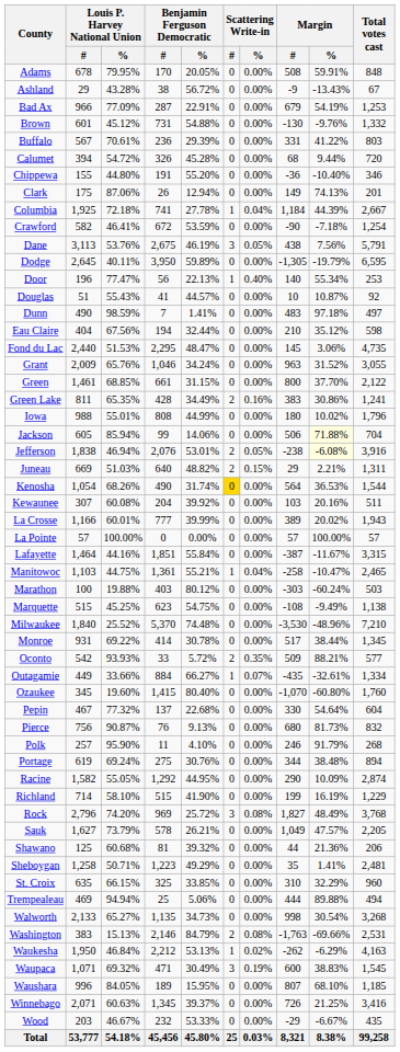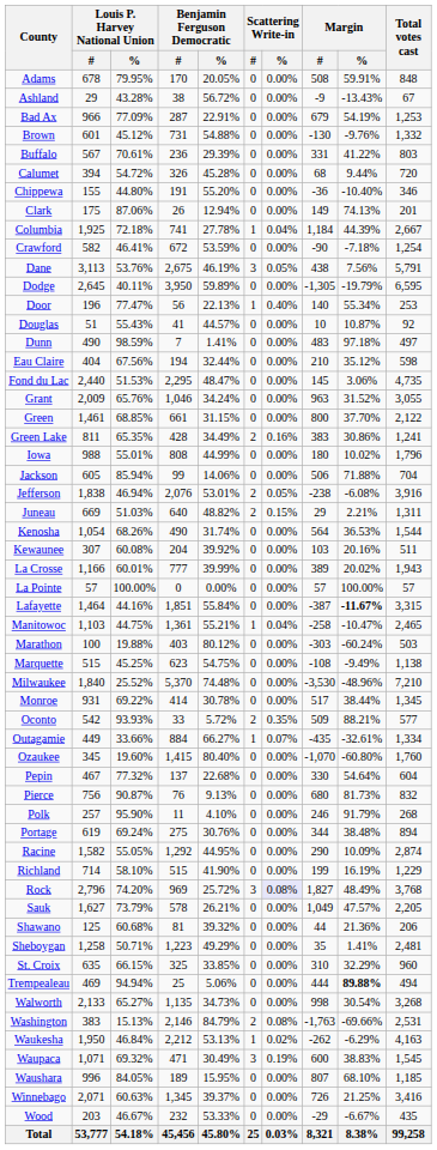 <table width="65%" class="wikitable sortable" style="text-align:center">
 <tr>
 <th rowspan="2" style="text-align:center;">County</th>
 <th colspan="2" style="text-align:center;">Louis P. Harvey<br>National Union</th>
 <th colspan="2" style="text-align:center;">Benjamin Ferguson<br>Democratic</th>
 <th colspan="2" style="text-align:center;">Scattering<br>Write-in</th>
 <th colspan="2" style="text-align:center;">Margin</th>
 <th rowspan="2" style="text-align:center;">Total votes cast</th>
 </tr>
 <tr>
 <th style="text-align:center;" data-sort-type="number">#</th>
 <th style="text-align:center;" data-sort-type="number">%</th>
 <th style="text-align:center;" data-sort-type="number">#</th>
 <th style="text-align:center;" data-sort-type="number">%</th>
 <th style="text-align:center;" data-sort-type="number">#</th>
 <th style="text-align:center;" data-sort-type="number">%</th>
 <th style="text-align:center;" data-sort-type="number">#</th>
 <th style="text-align:center;" data-sort-type="number">%</th>
 </tr>
 <tr style="text-align:center;">
 <td><a href='#'>Adams</a></td>
 <td>678</td>
 <td>79.95%</td>
 <td>170</td>
 <td>20.05%</td>
 <td>0</td>
 <td>0.00%</td>
 <td>508</td>
 <td>59.91%</td>
 <td>848</td>
 </tr>
 <tr style="text-align:center;">
 <td><a href='#'>Ashland</a></td>
 <td>29</td>
 <td>43.28%</td>
 <td>38</td>
 <td>56.72%</td>
 <td>0</td>
 <td>0.00%</td>
 <td>-9</td>
 <td>-13.43%</td>
 <td>67</td>
 </tr>
 <tr style="text-align:center;">
 <td><a href='#'>Bad Ax</a></td>
 <td>966</td>
 <td>77.09%</td>
 <td>287</td>
 <td>22.91%</td>
 <td>0</td>
 <td>0.00%</td>
 <td>679</td>
 <td>54.19%</td>
 <td>1,253</td>
 </tr>
 <tr style="text-align:center;">
 <td><a href='#'>Brown</a></td>
 <td>601</td>
 <td>45.12%</td>
 <td>731</td>
 <td>54.88%</td>
 <td>0</td>
 <td>0.00%</td>
 <td>-130</td>
 <td>-9.76%</td>
 <td>1,332</td>
 </tr>
 <tr style="text-align:center;">
 <td><a href='#'>Buffalo</a></td>
 <td>567</td>
 <td>70.61%</td>
 <td>236</td>
 <td>29.39%</td>
 <td>0</td>
 <td>0.00%</td>
 <td>331</td>
 <td>41.22%</td>
 <td>803</td>
 </tr>
 <tr style="text-align:center;">
 <td><a href='#'>Calumet</a></td>
 <td>394</td>
 <td>54.72%</td>
 <td>326</td>
 <td>45.28%</td>
 <td>0</td>
 <td>0.00%</td>
 <td>68</td>
 <td>9.44%</td>
 <td>720</td>
 </tr>
 <tr style="text-align:center;">
 <td><a href='#'>Chippewa</a></td>
 <td>155</td>
 <td>44.80%</td>
 <td>191</td>
 <td>55.20%</td>
 <td>0</td>
 <td>0.00%</td>
 <td>-36</td>
 <td>-10.40%</td>
 <td>346</td>
 </tr>
 <tr style="text-align:center;">
 <td><a href='#'>Clark</a></td>
 <td>175</td>
 <td>87.06%</td>
 <td>26</td>
 <td>12.94%</td>
 <td>0</td>
 <td>0.00%</td>
 <td>149</td>
 <td>74.13%</td>
 <td>201</td>
 </tr>
 <tr style="text-align:center;">
 <td><a href='#'>Columbia</a></td>
 <td>1,925</td>
 <td>72.18%</td>
 <td>741</td>
 <td>27.78%</td>
 <td>1</td>
 <td>0.04%</td>
 <td>1,184</td>
 <td>44.39%</td>
 <td>2,667</td>
 </tr>
 <tr style="text-align:center;">
 <td><a href='#'>Crawford</a></td>
 <td>582</td>
 <td>46.41%</td>
 <td>672</td>
 <td>53.59%</td>
 <td>0</td>
 <td>0.00%</td>
 <td>-90</td>
 <td>-7.18%</td>
 <td>1,254</td>
 </tr>
 <tr style="text-align:center;">
 <td><a href='#'>Dane</a></td>
 <td>3,113</td>
 <td>53.76%</td>
 <td>2,675</td>
 <td>46.19%</td>
 <td>3</td>
 <td>0.05%</td>
 <td>438</td>
 <td>7.56%</td>
 <td>5,791</td>
 </tr>
 <tr style="text-align:center;">
 <td><a href='#'>Dodge</a></td>
 <td>2,645</td>
 <td>40.11%</td>
 <td>3,950</td>
 <td>59.89%</td>
 <td>0</td>
 <td>0.00%</td>
 <td>-1,305</td>
 <td>-19.79%</td>
 <td>6,595</td>
 </tr>
 <tr style="text-align:center;">
 <td><a href='#'>Door</a></td>
 <td>196</td>
 <td>77.47%</td>
 <td>56</td>
 <td>22.13%</td>
 <td>1</td>
 <td>0.40%</td>
 <td>140</td>
 <td>55.34%</td>
 <td>253</td>
 </tr>
 <tr style="text-align:center;">
 <td><a href='#'>Douglas</a></td>
 <td>51</td>
 <td>55.43%</td>
 <td>41</td>
 <td>44.57%</td>
 <td>0</td>
 <td>0.00%</td>
 <td>10</td>
 <td>10.87%</td>
 <td>92</td>
 </tr>
 <tr style="text-align:center;">
 <td><a href='#'>Dunn</a></td>
 <td>490</td>
 <td>98.59%</td>
 <td>7</td>
 <td>1.41%</td>
 <td>0</td>
 <td>0.00%</td>
 <td>483</td>
 <td>97.18%</td>
 <td>497</td>
 </tr>
 <tr style="text-align:center;">
 <td><a href='#'>Eau Claire</a></td>
 <td>404</td>
 <td>67.56%</td>
 <td>194</td>
 <td>32.44%</td>
 <td>0</td>
 <td>0.00%</td>
 <td>210</td>
 <td>35.12%</td>
 <td>598</td>
 </tr>
 <tr style="text-align:center;">
 <td><a href='#'>Fond du Lac</a></td>
 <td>2,440</td>
 <td>51.53%</td>
 <td>2,295</td>
 <td>48.47%</td>
 <td>0</td>
 <td>0.00%</td>
 <td>145</td>
 <td>3.06%</td>
 <td>4,735</td>
 </tr>
 <tr style="text-align:center;">
 <td><a href='#'>Grant</a></td>
 <td>2,009</td>
 <td>65.76%</td>
 <td>1,046</td>
 <td>34.24%</td>
 <td>0</td>
 <td>0.00%</td>
 <td>963</td>
 <td>31.52%</td>
 <td>3,055</td>
 </tr>
 <tr style="text-align:center;">
 <td><a href='#'>Green</a></td>
 <td>1,461</td>
 <td>68.85%</td>
 <td>661</td>
 <td>31.15%</td>
 <td>0</td>
 <td>0.00%</td>
 <td>800</td>
 <td>37.70%</td>
 <td>2,122</td>
 </tr>
 <tr style="text-align:center;">
 <td><a href='#'>Green Lake</a></td>
 <td>811</td>
 <td>65.35%</td>
 <td>428</td>
 <td>34.49%</td>
 <td>2</td>
 <td>0.16%</td>
 <td>383</td>
 <td>30.86%</td>
 <td>1,241</td>
 </tr>
 <tr style="text-align:center;">
 <td><a href='#'>Iowa</a></td>
 <td>988</td>
 <td>55.01%</td>
 <td>808</td>
 <td>44.99%</td>
 <td>0</td>
 <td>0.00%</td>
 <td>180</td>
 <td>10.02%</td>
 <td>1,796</td>
 </tr>
 <tr style="text-align:center;">
 <td><a href='#'>Jackson</a></td>
 <td>605</td>
 <td>85.94%</td>
 <td>99</td>
 <td>14.06%</td>
 <td>0</td>
 <td>0.00%</td>
 <td>506</td>
-<td style="background: lightyellow;">71.88%</td>
+<td>71.88%</td>
 <td>704</td>
 </tr>
 <tr style="text-align:center;">
 <td><a href='#'>Jefferson</a></td>
 <td>1,838</td>
 <td>46.94%</td>
 <td>2,076</td>
 <td>53.01%</td>
 <td>2</td>
 <td>0.05%</td>
 <td>-238</td>
-<td style="background: lightyellow;">-6.08%</td>
+<td>-6.08%</td>
 <td>3,916</td>
 </tr>
 <tr style="text-align:center;">
 <td><a href='#'>Juneau</a></td>
 <td>669</td>
 <td>51.03%</td>
 <td>640</td>
 <td>48.82%</td>
 <td>2</td>
 <td>0.15%</td>
 <td>29</td>
 <td>2.21%</td>
 <td>1,311</td>
 </tr>
 <tr style="text-align:center;">
 <td><a href='#'>Kenosha</a></td>
 <td>1,054</td>
 <td>68.26%</td>
 <td>490</td>
 <td>31.74%</td>
-<td style="background: gold;">0</td>
+<td>0</td>
 <td>0.00%</td>
 <td>564</td>
 <td>36.53%</td>
 <td>1,544</td>
 </tr>
 <tr style="text-align:center;">
 <td><a href='#'>Kewaunee</a></td>
 <td>307</td>
 <td>60.08%</td>
 <td>204</td>
 <td>39.92%</td>
 <td>0</td>
 <td>0.00%</td>
 <td>103</td>
 <td>20.16%</td>
 <td>511</td>
 </tr>
 <tr style="text-align:center;">
 <td><a href='#'>La Crosse</a></td>
 <td>1,166</td>
 <td>60.01%</td>
 <td>777</td>
 <td>39.99%</td>
 <td>0</td>
 <td>0.00%</td>
 <td>389</td>
 <td>20.02%</td>
 <td>1,943</td>
 </tr>
 <tr style="text-align:center;">
 <td><a href='#'>La Pointe</a></td>
 <td>57</td>
 <td>100.00%</td>
 <td>0</td>
 <td>0.00%</td>
 <td>0</td>
 <td>0.00%</td>
 <td>57</td>
 <td>100.00%</td>
 <td>57</td>
 </tr>
 <tr style="text-align:center;">
 <td><a href='#'>Lafayette</a></td>
 <td>1,464</td>
 <td>44.16%</td>
 <td>1,851</td>
 <td>55.84%</td>
 <td>0</td>
 <td>0.00%</td>
 <td>-387</td>
-<td>-11.67%</td>
+<td><strong>-11.67%</strong></td>
 <td>3,315</td>
 </tr>
 <tr style="text-align:center;">
 <td><a href='#'>Manitowoc</a></td>
 <td>1,103</td>
 <td>44.75%</td>
 <td>1,361</td>
 <td>55.21%</td>
 <td>1</td>
 <td>0.04%</td>
 <td>-258</td>
 <td>-10.47%</td>
 <td>2,465</td>
 </tr>
 <tr style="text-align:center;">
 <td><a href='#'>Marathon</a></td>
 <td>100</td>
 <td>19.88%</td>
 <td>403</td>
 <td>80.12%</td>
 <td>0</td>
 <td>0.00%</td>
 <td>-303</td>
 <td>-60.24%</td>
 <td>503</td>
 </tr>
 <tr style="text-align:center;">
 <td><a href='#'>Marquette</a></td>
 <td>515</td>
 <td>45.25%</td>
 <td>623</td>
 <td>54.75%</td>
 <td>0</td>
 <td>0.00%</td>
 <td>-108</td>
 <td>-9.49%</td>
 <td>1,138</td>
 </tr>
 <tr style="text-align:center;">
 <td><a href='#'>Milwaukee</a></td>
 <td>1,840</td>
 <td>25.52%</td>
 <td>5,370</td>
 <td>74.48%</td>
 <td>0</td>
 <td>0.00%</td>
 <td>-3,530</td>
 <td>-48.96%</td>
 <td>7,210</td>
 </tr>
 <tr style="text-align:center;">
 <td><a href='#'>Monroe</a></td>
 <td>931</td>
 <td>69.22%</td>
 <td>414</td>
 <td>30.78%</td>
 <td>0</td>
 <td>0.00%</td>
 <td>517</td>
 <td>38.44%</td>
 <td>1,345</td>
 </tr>
 <tr style="text-align:center;">
 <td><a href='#'>Oconto</a></td>
 <td>542</td>
 <td>93.93%</td>
 <td>33</td>
 <td>5.72%</td>
 <td>2</td>
 <td>0.35%</td>
 <td>509</td>
 <td>88.21%</td>
 <td>577</td>
 </tr>
 <tr style="text-align:center;">
 <td><a href='#'>Outagamie</a></td>
 <td>449</td>
 <td>33.66%</td>
 <td>884</td>
 <td>66.27%</td>
 <td>1</td>
 <td>0.07%</td>
 <td>-435</td>
 <td>-32.61%</td>
 <td>1,334</td>
 </tr>
 <tr style="text-align:center;">
 <td><a href='#'>Ozaukee</a></td>
 <td>345</td>
 <td>19.60%</td>
 <td>1,415</td>
 <td>80.40%</td>
 <td>0</td>
 <td>0.00%</td>
 <td>-1,070</td>
 <td>-60.80%</td>
 <td>1,760</td>
 </tr>
 <tr style="text-align:center;">
 <td><a href='#'>Pepin</a></td>
 <td>467</td>
 <td>77.32%</td>
 <td>137</td>
 <td>22.68%</td>
 <td>0</td>
 <td>0.00%</td>
 <td>330</td>
 <td>54.64%</td>
 <td>604</td>
 </tr>
 <tr style="text-align:center;">
 <td><a href='#'>Pierce</a></td>
 <td>756</td>
 <td>90.87%</td>
 <td>76</td>
 <td>9.13%</td>
 <td>0</td>
 <td>0.00%</td>
 <td>680</td>
 <td>81.73%</td>
 <td>832</td>
 </tr>
 <tr style="text-align:center;">
 <td><a href='#'>Polk</a></td>
 <td>257</td>
 <td>95.90%</td>
 <td>11</td>
 <td>4.10%</td>
 <td>0</td>
 <td>0.00%</td>
 <td>246</td>
 <td>91.79%</td>
 <td>268</td>
 </tr>
 <tr style="text-align:center;">
 <td><a href='#'>Portage</a></td>
 <td>619</td>
 <td>69.24%</td>
 <td>275</td>
 <td>30.76%</td>
 <td>0</td>
 <td>0.00%</td>
 <td>344</td>
 <td>38.48%</td>
 <td>894</td>
 </tr>
 <tr style="text-align:center;">
 <td><a href='#'>Racine</a></td>
 <td>1,582</td>
 <td>55.05%</td>
 <td>1,292</td>
 <td>44.95%</td>
 <td>0</td>
 <td>0.00%</td>
 <td>290</td>
 <td>10.09%</td>
 <td>2,874</td>
 </tr>
 <tr style="text-align:center;">
 <td><a href='#'>Richland</a></td>
 <td>714</td>
 <td>58.10%</td>
 <td>515</td>
 <td>41.90%</td>
 <td>0</td>
 <td>0.00%</td>
 <td>199</td>
 <td>16.19%</td>
 <td>1,229</td>
 </tr>
 <tr style="text-align:center;">
 <td><a href='#'>Rock</a></td>
 <td>2,796</td>
 <td>74.20%</td>
 <td>969</td>
 <td>25.72%</td>
 <td>3</td>
-<td>0.08%</td>
+<td style="background: lavender;">0.08%</td>
 <td>1,827</td>
 <td>48.49%</td>
 <td>3,768</td>
 </tr>
 <tr style="text-align:center;">
 <td><a href='#'>Sauk</a></td>
 <td>1,627</td>
 <td>73.79%</td>
 <td>578</td>
 <td>26.21%</td>
 <td>0</td>
 <td>0.00%</td>
 <td>1,049</td>
 <td>47.57%</td>
 <td>2,205</td>
 </tr>
 <tr style="text-align:center;">
 <td><a href='#'>Shawano</a></td>
 <td>125</td>
 <td>60.68%</td>
 <td>81</td>
 <td>39.32%</td>
 <td>0</td>
 <td>0.00%</td>
 <td>44</td>
 <td>21.36%</td>
 <td>206</td>
 </tr>
 <tr style="text-align:center;">
 <td><a href='#'>Sheboygan</a></td>
 <td>1,258</td>
 <td>50.71%</td>
 <td>1,223</td>
 <td>49.29%</td>
 <td>0</td>
 <td>0.00%</td>
 <td>35</td>
 <td>1.41%</td>
 <td>2,481</td>
 </tr>
 <tr style="text-align:center;">
 <td><a href='#'>St. Croix</a></td>
 <td>635</td>
 <td>66.15%</td>
 <td>325</td>
 <td>33.85%</td>
 <td>0</td>
 <td>0.00%</td>
 <td>310</td>
 <td>32.29%</td>
 <td>960</td>
 </tr>
 <tr style="text-align:center;">
 <td><a href='#'>Trempealeau</a></td>
 <td>469</td>
 <td>94.94%</td>
 <td>25</td>
 <td>5.06%</td>
 <td>0</td>
 <td>0.00%</td>
 <td>444</td>
-<td>89.88%</td>
+<td><strong>89.88%</strong></td>
 <td>494</td>
 </tr>
 <tr style="text-align:center;">
 <td><a href='#'>Walworth</a></td>
 <td>2,133</td>
 <td>65.27%</td>
 <td>1,135</td>
 <td>34.73%</td>
 <td>0</td>
 <td>0.00%</td>
 <td>998</td>
 <td>30.54%</td>
 <td>3,268</td>
 </tr>
 <tr style="text-align:center;">
 <td><a href='#'>Washington</a></td>
 <td>383</td>
 <td>15.13%</td>
 <td>2,146</td>
 <td>84.79%</td>
 <td>2</td>
 <td>0.08%</td>
 <td>-1,763</td>
 <td>-69.66%</td>
 <td>2,531</td>
 </tr>
 <tr style="text-align:center;">
 <td><a href='#'>Waukesha</a></td>
 <td>1,950</td>
 <td>46.84%</td>
 <td>2,212</td>
 <td>53.13%</td>
 <td>1</td>
 <td>0.02%</td>
 <td>-262</td>
 <td>-6.29%</td>
 <td>4,163</td>
 </tr>
 <tr style="text-align:center;">
 <td><a href='#'>Waupaca</a></td>
 <td>1,071</td>
 <td>69.32%</td>
 <td>471</td>
 <td>30.49%</td>
 <td>3</td>
 <td>0.19%</td>
 <td>600</td>
 <td>38.83%</td>
 <td>1,545</td>
 </tr>
 <tr style="text-align:center;">
 <td><a href='#'>Waushara</a></td>
 <td>996</td>
 <td>84.05%</td>
 <td>189</td>
 <td>15.95%</td>
 <td>0</td>
 <td>0.00%</td>
 <td>807</td>
 <td>68.10%</td>
 <td>1,185</td>
 </tr>
 <tr style="text-align:center;">
 <td><a href='#'>Winnebago</a></td>
 <td>2,071</td>
 <td>60.63%</td>
 <td>1,345</td>
 <td>39.37%</td>
 <td>0</td>
 <td>0.00%</td>
 <td>726</td>
 <td>21.25%</td>
 <td>3,416</td>
 </tr>
 <tr style="text-align:center;">
 <td><a href='#'>Wood</a></td>
 <td>203</td>
 <td>46.67%</td>
 <td>232</td>
 <td>53.33%</td>
 <td>0</td>
 <td>0.00%</td>
 <td>-29</td>
 <td>-6.67%</td>
 <td>435</td>
 </tr>
 <tr>
 <th>Total</th>
 <th>53,777</th>
 <th>54.18%</th>
 <th>45,456</th>
 <th>45.80%</th>
 <th>25</th>
 <th>0.03%</th>
 <th>8,321</th>
 <th>8.38%</th>
 <th>99,258</th>
 </tr>
 </table>
